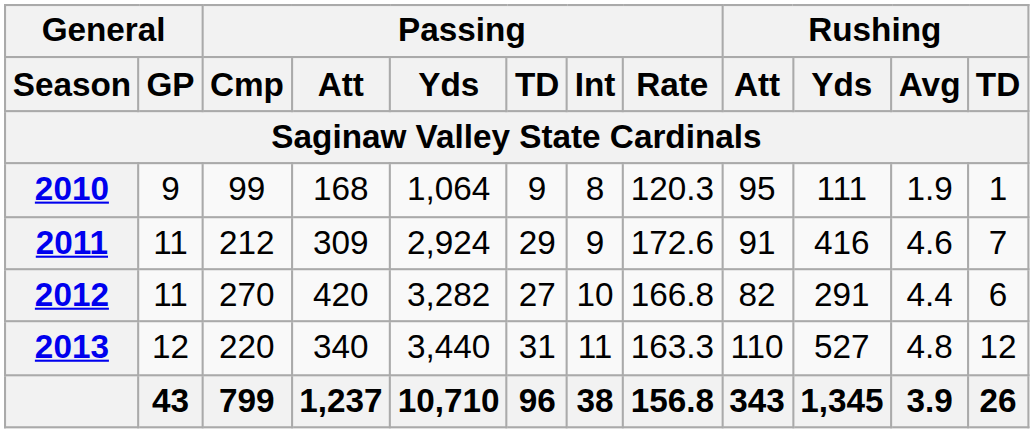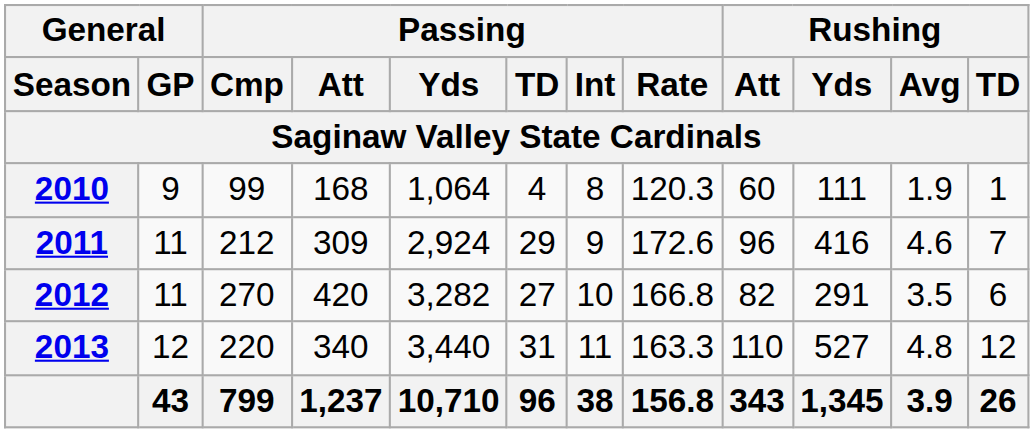 <table class="wikitable" style="text-align:center;">
 <tr>
 <th colspan="2">General</th>
 <th colspan="6">Passing</th>
 <th colspan="4">Rushing</th>
 </tr>
 <tr>
 <th>Season</th>
 <th>GP</th>
 <th>Cmp</th>
 <th>Att</th>
 <th>Yds</th>
 <th>TD</th>
 <th>Int</th>
 <th>Rate</th>
 <th>Att</th>
 <th>Yds</th>
 <th>Avg</th>
 <th>TD</th>
 </tr>
 <tr>
 <th colspan="12">Saginaw Valley State Cardinals</th>
 </tr>
 <tr>
 <th><a href='#'>2010</a></th>
 <td>9</td>
 <td>99</td>
 <td>168</td>
 <td>1,064</td>
-<td>9</td>
+<td>4</td>
 <td>8</td>
 <td>120.3</td>
-<td>95</td>
+<td>60</td>
 <td>111</td>
 <td>1.9</td>
 <td>1</td>
 </tr>
 <tr>
 <th><a href='#'>2011</a></th>
 <td>11</td>
 <td>212</td>
 <td>309</td>
 <td>2,924</td>
 <td>29</td>
 <td>9</td>
 <td>172.6</td>
-<td>91</td>
+<td>96</td>
 <td>416</td>
 <td>4.6</td>
 <td>7</td>
 </tr>
 <tr>
 <th><a href='#'>2012</a></th>
 <td>11</td>
 <td>270</td>
 <td>420</td>
 <td>3,282</td>
 <td>27</td>
 <td>10</td>
 <td>166.8</td>
 <td>82</td>
 <td>291</td>
-<td>4.4</td>
+<td>3.5</td>
 <td>6</td>
 </tr>
 <tr>
 <th><a href='#'>2013</a></th>
 <td>12</td>
 <td>220</td>
 <td>340</td>
 <td>3,440</td>
 <td>31</td>
 <td>11</td>
 <td>163.3</td>
 <td>110</td>
 <td>527</td>
 <td>4.8</td>
 <td>12</td>
 </tr>
 <tr>
 <th></th>
 <th>43</th>
 <th>799</th>
 <th>1,237</th>
 <th>10,710</th>
 <th>96</th>
 <th>38</th>
 <th>156.8</th>
 <th>343</th>
 <th>1,345</th>
 <th>3.9</th>
 <th>26</th>
 </tr>
 </table>
